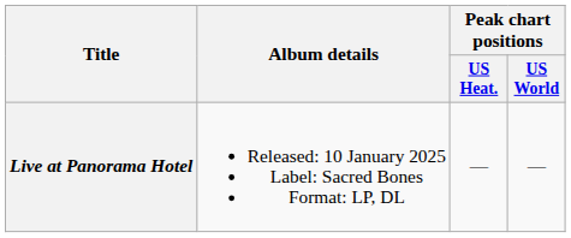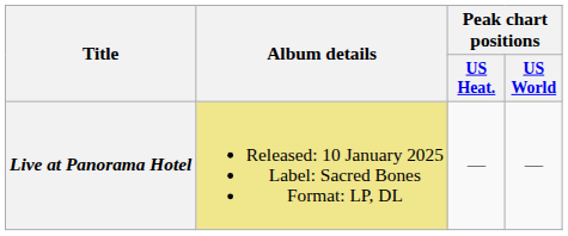 <table class="wikitable plainrowheaders" style="text-align:center;">
 <tr>
 <th scope="col" rowspan="2">Title</th>
 <th scope="col" rowspan="2">Album details</th>
 <th scope="col" colspan="2">Peak chart positions</th>
 </tr>
 <tr>
 <th scope="col" style="width:3em;font-size:90%;"><a href='#'>US<br>Heat.</a></th>
 <th scope="col" style="width:3em;font-size:90%;"><a href='#'>US<br>World</a></th>
 </tr>
 <tr>
 <th scope="row"><em>Live at Panorama Hotel</em></th>
-<td><br><ul><li>Released: 10 January 2025</li><li>Label: Sacred Bones</li><li>Format: LP, DL</li></ul></td>
+<td style="background: khaki;"><br><ul><li>Released: 10 January 2025</li><li>Label: Sacred Bones</li><li>Format: LP, DL</li></ul></td>
 <td>—</td>
 <td>—</td>
 </tr>
 </table>
